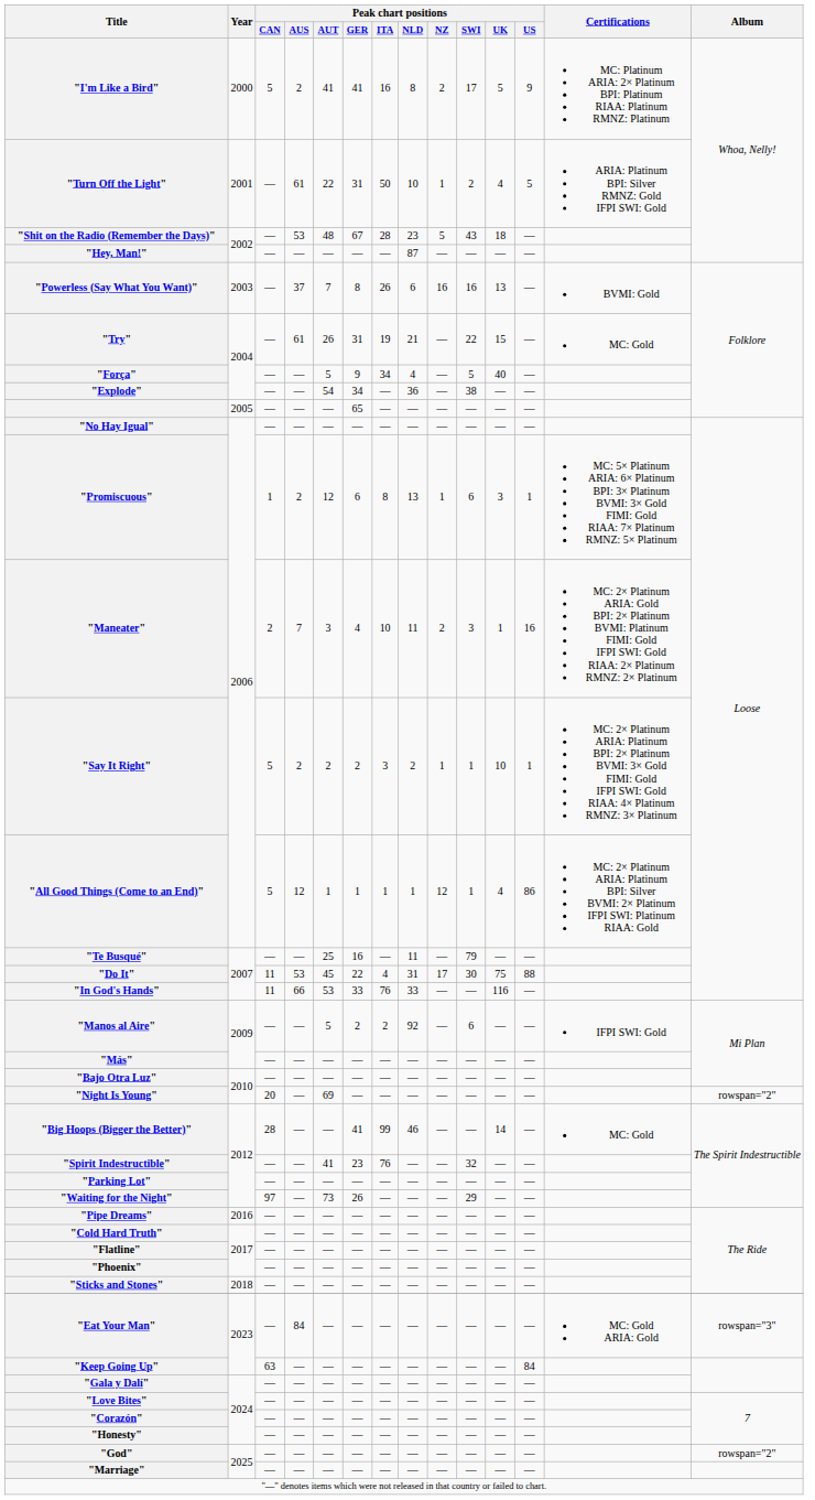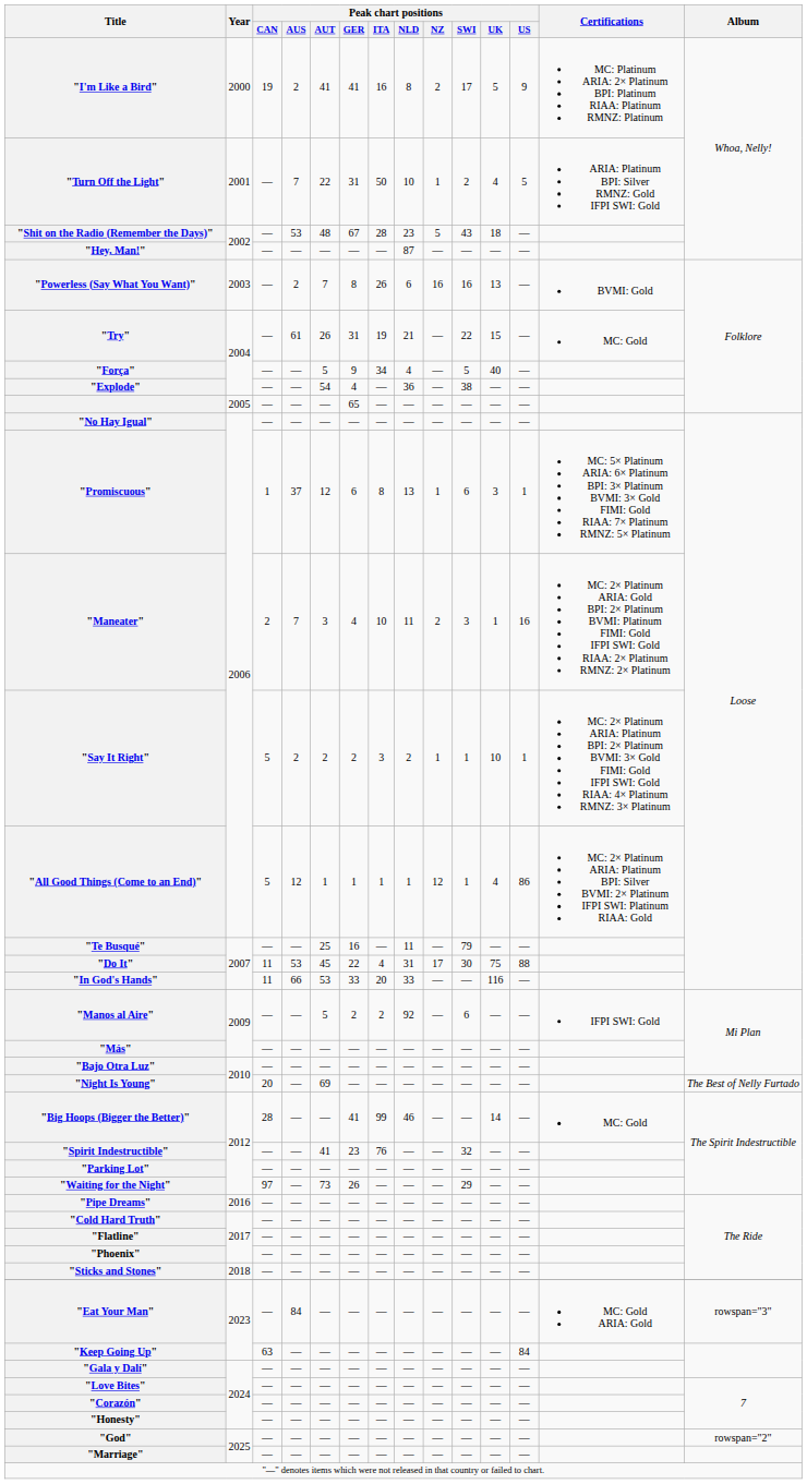 <table class="wikitable plainrowheaders" style="text-align:center;">
 <tr>
 <th scope="col" rowspan="2" style="width:20em;">Title</th>
 <th scope="col" rowspan="2">Year</th>
 <th scope="col" colspan="10">Peak chart positions</th>
 <th scope="col" rowspan="2" style="width:13em;"><a href='#'>Certifications</a></th>
 <th scope="col" rowspan="2">Album</th>
 </tr>
 <tr>
 <th scope="col" style="width:2.5em; font-size:90%;"><a href='#'>CAN</a><br></th>
 <th scope="col" style="width:2.5em; font-size:90%;"><a href='#'>AUS</a><br></th>
 <th scope="col" style="width:2.5em; font-size:90%;"><a href='#'>AUT</a><br></th>
 <th scope="col" style="width:2.5em; font-size:90%;"><a href='#'>GER</a><br></th>
 <th scope="col" style="width:2.2em; font-size:90%;"><a href='#'>ITA</a><br></th>
 <th scope="col" style="width:2.5em; font-size:90%;"><a href='#'>NLD</a><br></th>
 <th scope="col" style="width:2.5em; font-size:90%;"><a href='#'>NZ</a><br></th>
 <th scope="col" style="width:2.5em; font-size:90%;"><a href='#'>SWI</a><br></th>
 <th scope="col" style="width:2.5em; font-size:90%;"><a href='#'>UK</a> <br></th>
 <th scope="col" style="width:2.5em; font-size:90%;"><a href='#'>US</a><br></th>
 </tr>
 <tr>
 <th scope="row">"<a href='#'>I'm Like a Bird</a>"</th>
 <td>2000</td>
-<td>5</td>
+<td>19</td>
 <td>2</td>
 <td>41</td>
 <td>41</td>
 <td>16</td>
 <td>8</td>
 <td>2</td>
 <td>17</td>
 <td>5</td>
 <td>9</td>
 <td><br><ul><li>MC: Platinum</li><li>ARIA: 2× Platinum</li><li>BPI: Platinum</li><li>RIAA: Platinum</li><li>RMNZ: Platinum</li></ul></td>
 <td rowspan="4"><em>Whoa, Nelly!</em></td>
 </tr>
 <tr>
 <th scope="row">"<a href='#'>Turn Off the Light</a>"</th>
 <td>2001</td>
 <td>—</td>
-<td>61</td>
+<td>7</td>
 <td>22</td>
 <td>31</td>
 <td>50</td>
 <td>10</td>
 <td>1</td>
 <td>2</td>
 <td>4</td>
 <td>5</td>
 <td><br><ul><li>ARIA: Platinum</li><li>BPI: Silver</li><li>RMNZ: Gold</li><li>IFPI SWI: Gold</li></ul></td>
 </tr>
 <tr>
 <th scope="row">"<a href='#'>Shit on the Radio (Remember the Days)</a>"</th>
 <td rowspan="2">2002</td>
 <td>—</td>
 <td>53</td>
 <td>48</td>
 <td>67</td>
 <td>28</td>
 <td>23</td>
 <td>5</td>
 <td>43</td>
 <td>18</td>
 <td>—</td>
 <td></td>
 </tr>
 <tr>
 <th scope="row">"<a href='#'>Hey, Man!</a>"</th>
 <td>—</td>
 <td>—</td>
 <td>—</td>
 <td>—</td>
 <td>—</td>
 <td>87</td>
 <td>—</td>
 <td>—</td>
 <td>—</td>
 <td>—</td>
 <td></td>
 </tr>
 <tr>
 <th scope="row">"<a href='#'>Powerless (Say What You Want)</a>"</th>
 <td>2003</td>
 <td>—</td>
-<td>37</td>
+<td>2</td>
 <td>7</td>
 <td>8</td>
 <td>26</td>
 <td>6</td>
 <td>16</td>
 <td>16</td>
 <td>13</td>
 <td>—</td>
 <td><br><ul><li>BVMI: Gold</li></ul></td>
 <td rowspan="5"><em>Folklore</em></td>
 </tr>
 <tr>
 <th scope="row">"<a href='#'>Try</a>"</th>
 <td rowspan="3">2004</td>
 <td>—</td>
 <td>61</td>
 <td>26</td>
 <td>31</td>
 <td>19</td>
 <td>21</td>
 <td>—</td>
 <td>22</td>
 <td>15</td>
 <td>—</td>
 <td><br><ul><li>MC: Gold</li></ul></td>
 </tr>
 <tr>
 <th scope="row">"<a href='#'>Força</a>"</th>
 <td>—</td>
 <td>—</td>
 <td>5</td>
 <td>9</td>
 <td>34</td>
 <td>4</td>
 <td>—</td>
 <td>5</td>
 <td>40</td>
 <td>—</td>
 <td></td>
 </tr>
 <tr>
 <th scope="row">"<a href='#'>Explode</a>"</th>
 <td>—</td>
 <td>—</td>
 <td>54</td>
-<td>34</td>
+<td>4</td>
 <td>—</td>
 <td>36</td>
 <td>—</td>
 <td>38</td>
 <td>—</td>
 <td>—</td>
 <td></td>
 </tr>
 <tr>
 <th scope="row"></th>
 <td>2005</td>
 <td>—</td>
 <td>—</td>
 <td>—</td>
 <td>65</td>
 <td>—</td>
 <td>—</td>
 <td>—</td>
 <td>—</td>
 <td>—</td>
 <td>—</td>
 <td></td>
 </tr>
 <tr>
 <th scope="row">"<a href='#'>No Hay Igual</a>"<br> </th>
 <td rowspan="5">2006</td>
 <td>—</td>
 <td>—</td>
 <td>—</td>
 <td>—</td>
 <td>—</td>
 <td>—</td>
 <td>—</td>
 <td>—</td>
 <td>—</td>
 <td>—</td>
 <td></td>
 <td rowspan="8"><em>Loose</em></td>
 </tr>
 <tr>
 <th scope="row">"<a href='#'>Promiscuous</a>" <br> </th>
 <td>1</td>
-<td>2</td>
+<td>37</td>
 <td>12</td>
 <td>6</td>
 <td>8</td>
 <td>13</td>
 <td>1</td>
 <td>6</td>
 <td>3</td>
 <td>1</td>
 <td><br><ul><li>MC: 5× Platinum</li><li>ARIA: 6× Platinum</li><li>BPI: 3× Platinum</li><li>BVMI: 3× Gold</li><li>FIMI: Gold</li><li>RIAA: 7× Platinum</li><li>RMNZ: 5× Platinum</li></ul></td>
 </tr>
 <tr>
 <th scope="row">"<a href='#'>Maneater</a>"</th>
 <td>2</td>
 <td>7</td>
 <td>3</td>
 <td>4</td>
 <td>10</td>
 <td>11</td>
 <td>2</td>
 <td>3</td>
 <td>1</td>
 <td>16</td>
 <td><br><ul><li>MC: 2× Platinum</li><li>ARIA: Gold</li><li>BPI: 2× Platinum</li><li>BVMI: Platinum</li><li>FIMI: Gold</li><li>IFPI SWI: Gold</li><li>RIAA: 2× Platinum</li><li>RMNZ: 2× Platinum</li></ul></td>
 </tr>
 <tr>
 <th scope="row">"<a href='#'>Say It Right</a>"</th>
 <td>5</td>
 <td>2</td>
 <td>2</td>
 <td>2</td>
 <td>3</td>
 <td>2</td>
 <td>1</td>
 <td>1</td>
 <td>10</td>
 <td>1</td>
 <td><br><ul><li>MC: 2× Platinum</li><li>ARIA: Platinum</li><li>BPI: 2× Platinum</li><li>BVMI: 3× Gold</li><li>FIMI: Gold</li><li>IFPI SWI: Gold</li><li>RIAA: 4× Platinum</li><li>RMNZ: 3× Platinum</li></ul></td>
 </tr>
 <tr>
 <th scope="row">"<a href='#'>All Good Things (Come to an End)</a>"</th>
 <td>5</td>
 <td>12</td>
 <td>1</td>
 <td>1</td>
 <td>1</td>
 <td>1</td>
 <td>12</td>
 <td>1</td>
 <td>4</td>
 <td>86</td>
 <td><br><ul><li>MC: 2× Platinum</li><li>ARIA: Platinum</li><li>BPI: Silver</li><li>BVMI: 2× Platinum</li><li>IFPI SWI: Platinum</li><li>RIAA: Gold</li></ul></td>
 </tr>
 <tr>
 <th scope="row">"<a href='#'>Te Busqué</a>" <br> </th>
 <td rowspan="3">2007</td>
 <td>—</td>
 <td>—</td>
 <td>25</td>
 <td>16</td>
 <td>—</td>
 <td>11</td>
 <td>—</td>
 <td>79</td>
 <td>—</td>
 <td>—</td>
 <td></td>
 </tr>
 <tr>
 <th scope="row">"<a href='#'>Do It</a>"<br></th>
 <td>11</td>
 <td>53</td>
 <td>45</td>
 <td>22</td>
 <td>4</td>
 <td>31</td>
 <td>17</td>
 <td>30</td>
 <td>75</td>
 <td>88</td>
 <td></td>
 </tr>
 <tr>
 <th scope="row">"<a href='#'>In God's Hands</a>"<br></th>
 <td>11</td>
 <td>66</td>
 <td>53</td>
 <td>33</td>
-<td>76</td>
+<td>20</td>
 <td>33</td>
 <td>—</td>
 <td>—</td>
 <td>116</td>
 <td>—</td>
 <td></td>
 </tr>
 <tr>
 <th scope="row">"<a href='#'>Manos al Aire</a>"</th>
 <td rowspan="2">2009</td>
 <td>—</td>
 <td>—</td>
 <td>5</td>
 <td>2</td>
 <td>2</td>
 <td>92</td>
 <td>—</td>
 <td>6</td>
 <td>—</td>
 <td>—</td>
 <td><br><ul><li>IFPI SWI: Gold</li></ul></td>
 <td rowspan="3"><em>Mi Plan</em></td>
 </tr>
 <tr>
 <th scope="row">"<a href='#'>Más</a>"</th>
 <td>—</td>
 <td>—</td>
 <td>—</td>
 <td>—</td>
 <td>—</td>
 <td>—</td>
 <td>—</td>
 <td>—</td>
 <td>—</td>
 <td>—</td>
 <td></td>
 </tr>
 <tr>
 <th scope="row">"<a href='#'>Bajo Otra Luz</a>" <br> </th>
 <td rowspan="2">2010</td>
 <td>—</td>
 <td>—</td>
 <td>—</td>
 <td>—</td>
 <td>—</td>
 <td>—</td>
 <td>—</td>
 <td>—</td>
 <td>—</td>
 <td>—</td>
 <td></td>
 </tr>
 <tr>
 <th scope="row">"<a href='#'>Night Is Young</a>"</th>
 <td>20</td>
 <td>—</td>
 <td>69</td>
 <td>—</td>
 <td>—</td>
 <td>—</td>
 <td>—</td>
 <td>—</td>
 <td>—</td>
 <td>—</td>
 <td></td>
-<td>rowspan="2" </td>
+<td><em>The Best of Nelly Furtado</em></td>
 </tr>
 <tr>
 <th scope="row">"<a href='#'>Big Hoops (Bigger the Better)</a>"</th>
 <td rowspan="4">2012</td>
 <td>28</td>
 <td>—</td>
 <td>—</td>
 <td>41</td>
 <td>99</td>
 <td>46</td>
 <td>—</td>
 <td>—</td>
 <td>14</td>
 <td>—</td>
 <td><br><ul><li>MC: Gold</li></ul></td>
 <td rowspan="4"><em>The Spirit Indestructible</em></td>
 </tr>
 <tr>
 <th scope="row">"<a href='#'>Spirit Indestructible</a>"</th>
 <td>—</td>
 <td>—</td>
 <td>41</td>
 <td>23</td>
 <td>76</td>
 <td>—</td>
 <td>—</td>
 <td>32</td>
 <td>—</td>
 <td>—</td>
 <td></td>
 </tr>
 <tr>
 <th scope="row">"<a href='#'>Parking Lot</a>"</th>
 <td>—</td>
 <td>—</td>
 <td>—</td>
 <td>—</td>
 <td>—</td>
 <td>—</td>
 <td>—</td>
 <td>—</td>
 <td>—</td>
 <td>—</td>
 <td></td>
 </tr>
 <tr>
 <th scope="row">"<a href='#'>Waiting for the Night</a>"</th>
 <td>97</td>
 <td>—</td>
 <td>73</td>
 <td>26</td>
 <td>—</td>
 <td>—</td>
 <td>—</td>
 <td>29</td>
 <td>—</td>
 <td>—</td>
 <td></td>
 </tr>
 <tr>
 <th scope="row">"<a href='#'>Pipe Dreams</a>"</th>
 <td>2016</td>
 <td>—</td>
 <td>—</td>
 <td>—</td>
 <td>—</td>
 <td>—</td>
 <td>—</td>
 <td>—</td>
 <td>—</td>
 <td>—</td>
 <td>—</td>
 <td></td>
 <td rowspan="5"><em>The Ride</em></td>
 </tr>
 <tr>
 <th scope="row">"<a href='#'>Cold Hard Truth</a>"</th>
 <td rowspan="3">2017</td>
 <td>—</td>
 <td>—</td>
 <td>—</td>
 <td>—</td>
 <td>—</td>
 <td>—</td>
 <td>—</td>
 <td>—</td>
 <td>—</td>
 <td>—</td>
 <td></td>
 </tr>
 <tr>
 <th scope="row">"Flatline"</th>
 <td>—</td>
 <td>—</td>
 <td>—</td>
 <td>—</td>
 <td>—</td>
 <td>—</td>
 <td>—</td>
 <td>—</td>
 <td>—</td>
 <td>—</td>
 <td></td>
 </tr>
 <tr>
 <th scope="row">"Phoenix"</th>
 <td>—</td>
 <td>—</td>
 <td>—</td>
 <td>—</td>
 <td>—</td>
 <td>—</td>
 <td>—</td>
 <td>—</td>
 <td>—</td>
 <td>—</td>
 <td></td>
 </tr>
 <tr>
 <th scope="row">"<a href='#'>Sticks and Stones</a>"<br></th>
 <td>2018</td>
 <td>—</td>
 <td>—</td>
 <td>—</td>
 <td>—</td>
 <td>—</td>
 <td>—</td>
 <td>—</td>
 <td>—</td>
 <td>—</td>
 <td>—</td>
 <td></td>
 </tr>
 <tr>
 </tr>
 <tr>
 <th scope="row">"<a href='#'>Eat Your Man</a>"<br></th>
 <td rowspan="2">2023</td>
 <td>—</td>
 <td>84</td>
 <td>—</td>
 <td>—</td>
 <td>—</td>
 <td>—</td>
 <td>—</td>
 <td>—</td>
 <td>—</td>
 <td>—</td>
 <td><br><ul><li>MC: Gold</li><li>ARIA: Gold</li></ul></td>
 <td>rowspan="3" </td>
 </tr>
 <tr>
 <th scope="row">"<a href='#'>Keep Going Up</a>"<br> </th>
 <td>63</td>
 <td>—</td>
 <td>—</td>
 <td>—</td>
 <td>—</td>
 <td>—</td>
 <td>—</td>
 <td>—</td>
 <td>—</td>
 <td>84</td>
 <td></td>
 </tr>
 <tr>
 <th scope="row">"<a href='#'>Gala y Dalí</a>"<br></th>
 <td rowspan="4">2024</td>
 <td>—</td>
 <td>—</td>
 <td>—</td>
 <td>—</td>
 <td>—</td>
 <td>—</td>
 <td>—</td>
 <td>—</td>
 <td>—</td>
 <td>—</td>
 <td></td>
 </tr>
 <tr>
 <th scope="row">"<a href='#'>Love Bites</a>"<br></th>
 <td>—</td>
 <td>—</td>
 <td>—</td>
 <td>—</td>
 <td>—</td>
 <td>—</td>
 <td>—</td>
 <td>—</td>
 <td>—</td>
 <td>—</td>
 <td></td>
 <td rowspan="3"><em>7</em></td>
 </tr>
 <tr>
 <th scope="row">"<a href='#'>Corazón</a>"<br></th>
 <td>—</td>
 <td>—</td>
 <td>—</td>
 <td>—</td>
 <td>—</td>
 <td>—</td>
 <td>—</td>
 <td>—</td>
 <td>—</td>
 <td>—</td>
 <td></td>
 </tr>
 <tr>
 <th scope="row">"Honesty"</th>
 <td>—</td>
 <td>—</td>
 <td>—</td>
 <td>—</td>
 <td>—</td>
 <td>—</td>
 <td>—</td>
 <td>—</td>
 <td>—</td>
 <td>—</td>
 <td></td>
 </tr>
 <tr>
 <th scope="row">"God"<br></th>
 <td rowspan="2">2025</td>
 <td>—</td>
 <td>—</td>
 <td>—</td>
 <td>—</td>
 <td>—</td>
 <td>—</td>
 <td>—</td>
 <td>—</td>
 <td>—</td>
 <td>—</td>
 <td></td>
 <td>rowspan="2" </td>
 </tr>
 <tr>
 <th scope="row">"Marriage"</th>
 <td>—</td>
 <td>—</td>
 <td>—</td>
 <td>—</td>
 <td>—</td>
 <td>—</td>
 <td>—</td>
 <td>—</td>
 <td>—</td>
 <td>—</td>
 <td></td>
 </tr>
 <tr>
 <td colspan="14" style="font-size:85%">"—" denotes items which were not released in that country or failed to chart.</td>
 </tr>
 </table>
